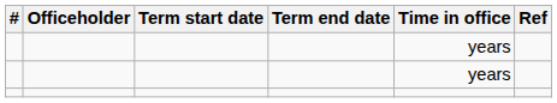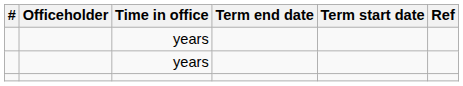 <table class='wikitable sortable'>
 <tr>
 <th>#</th>
 <th>Officeholder</th>
+<th>Time in office</th>
+<th>Term end date</th>
 <th>Term start date</th>
-<th>Term end date</th>
-<th>Time in office</th>
 <th class="unsortable">Ref</th>
 </tr>
 <tr>
 <td align=center></td>
 <td></td>
+<td align=right> years</td>
 <td align=center></td>
 <td align=center></td>
-<td align=right> years</td>
 <td></td>
 </tr>
 <tr>
 <td align=center></td>
 <td></td>
+<td align=right> years</td>
 <td align=center></td>
 <td align=center></td>
-<td align=right> years</td>
 <td></td>
 </tr>
 <tr>
 <td align=center></td>
 <td></td>
+<td></td>
 <td align=center></td>
 <td align=center></td>
 <td></td>
-<td></td>
 </tr>
 </table>
